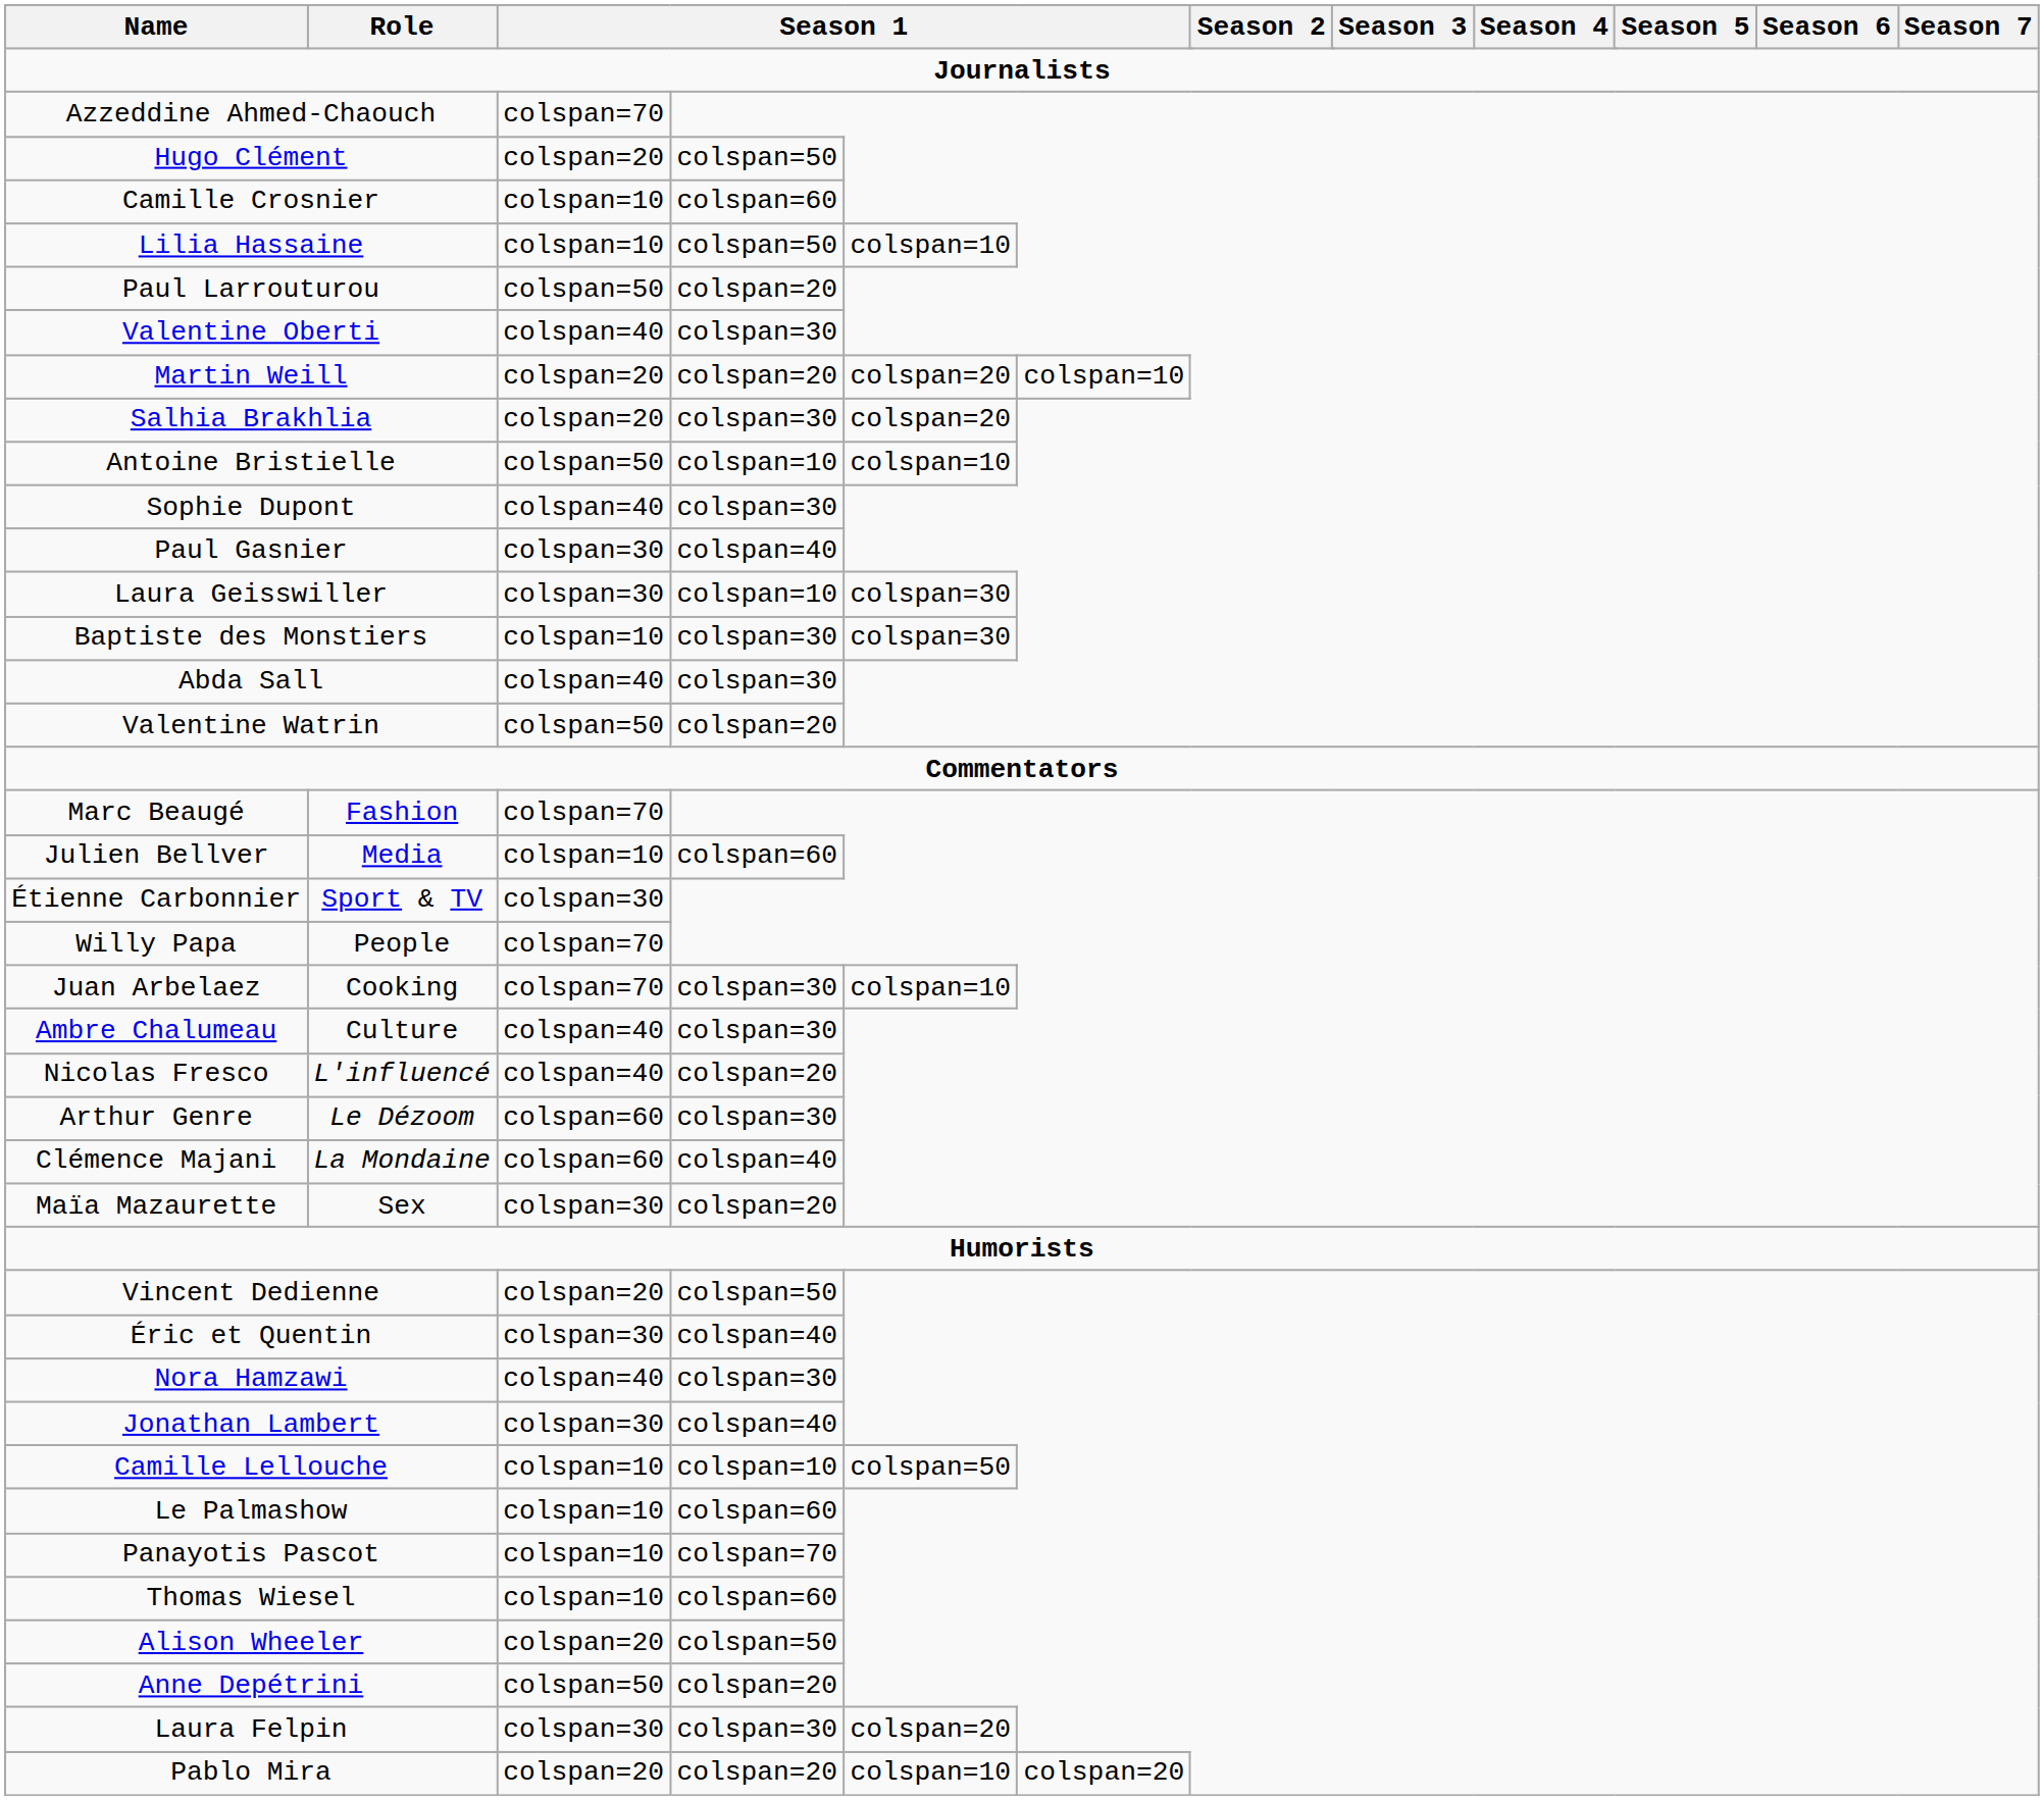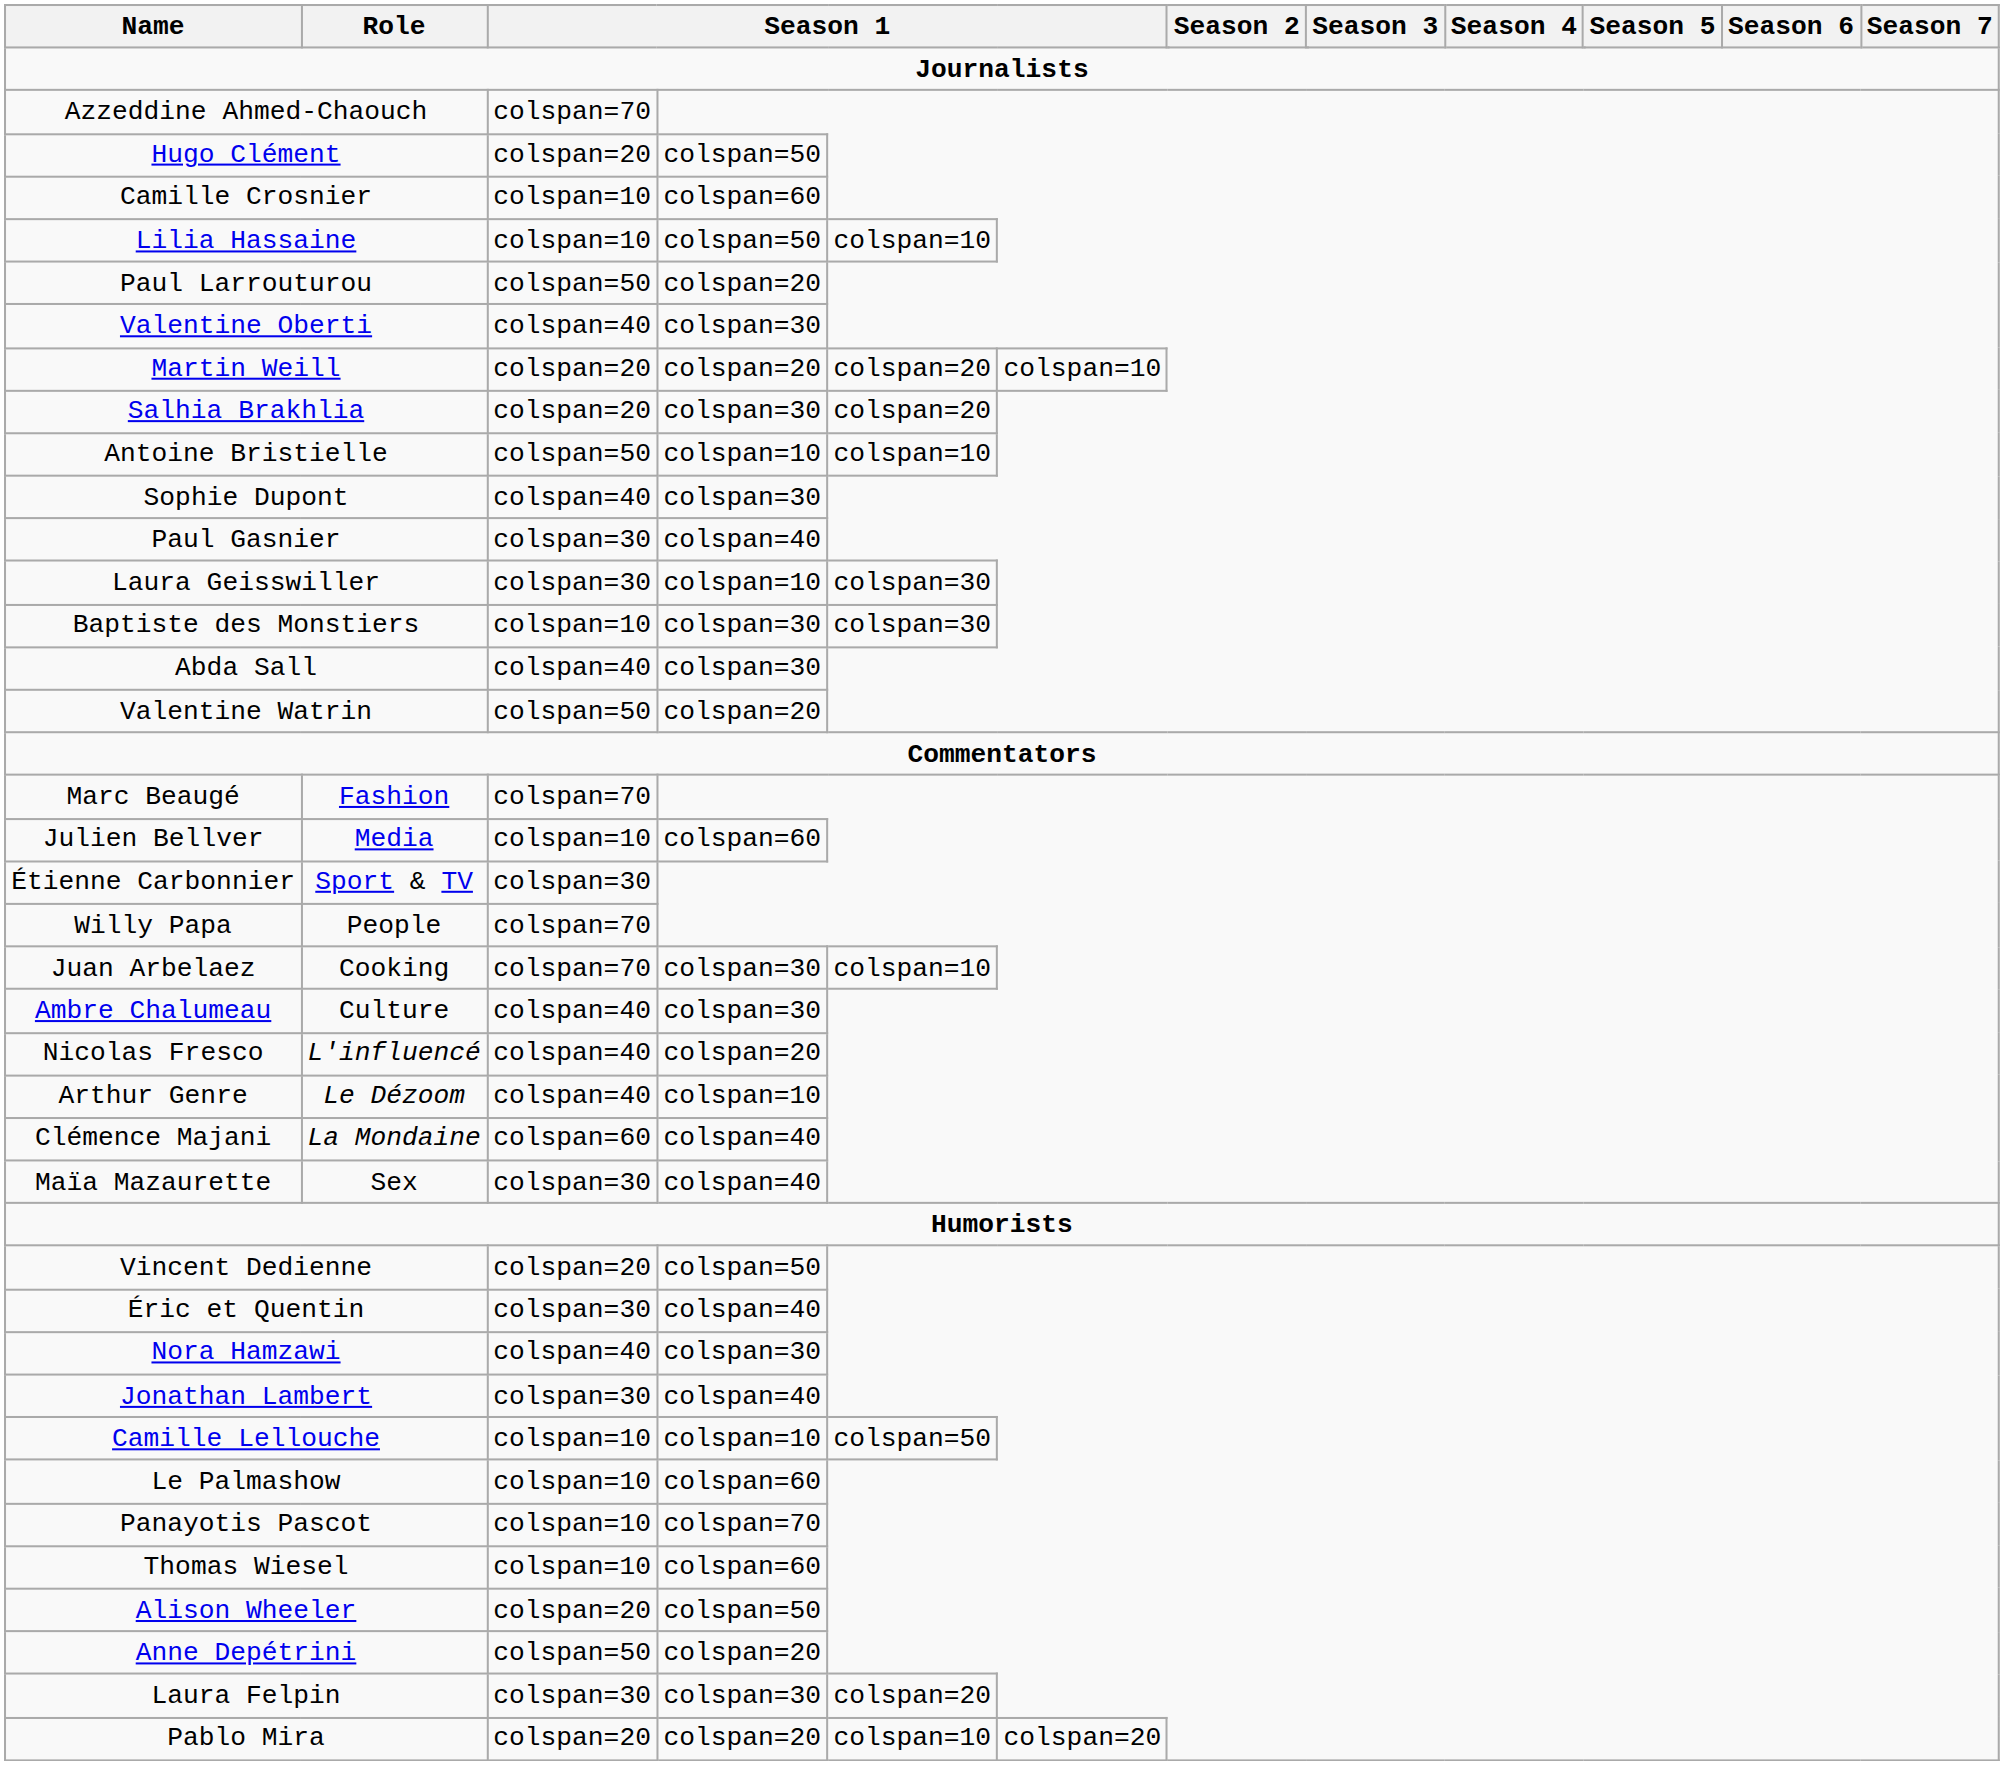 <table class="wikitable" style="text-align:center;">
 <tr>
 <th rowspan="1">Name</th>
 <th>Role</th>
 <th ! colspan="10" style=text-align:center;>Season 1</th>
 <th colspan="10" style="text-align:center;" !>Season 2</th>
 <th colspan="10" style="text-align:center;" !>Season 3</th>
 <th colspan="10" style="text-align:center;" !>Season 4</th>
 <th colspan="10" style="text-align:center;" !>Season 5</th>
 <th colspan="10" style="text-align:center;" !>Season 6</th>
 <th colspan="10" style="text-align:center;" !>Season 7</th>
 </tr>
 <tr>
 <td colspan="80"><strong>Journalists</strong></td>
 </tr>
 <tr>
 <td colspan="2">Azzeddine Ahmed-Chaouch</td>
 <td>colspan=70 </td>
 </tr>
 <tr>
 <td colspan="2"><a href='#'>Hugo Clément</a></td>
 <td>colspan=20 </td>
 <td>colspan=50 </td>
 </tr>
 <tr>
 <td colspan="2">Camille Crosnier</td>
 <td>colspan=10 </td>
 <td>colspan=60 </td>
 </tr>
 <tr>
 <td colspan="2"><a href='#'>Lilia Hassaine</a></td>
 <td>colspan=10 </td>
 <td>colspan=50 </td>
 <td>colspan=10 </td>
 </tr>
 <tr>
 <td colspan="2">Paul Larrouturou</td>
 <td>colspan=50 </td>
 <td>colspan=20 </td>
 </tr>
 <tr>
 <td colspan="2"><a href='#'>Valentine Oberti</a></td>
 <td>colspan=40 </td>
 <td>colspan=30 </td>
 </tr>
 <tr>
 <td colspan="2"><a href='#'>Martin Weill</a></td>
 <td>colspan=20 </td>
 <td>colspan=20 </td>
 <td>colspan=20 </td>
 <td>colspan=10 </td>
 </tr>
 <tr>
 <td colspan="2"><a href='#'>Salhia Brakhlia</a></td>
 <td>colspan=20 </td>
 <td>colspan=30 </td>
 <td>colspan=20 </td>
 </tr>
 <tr>
 <td colspan="2">Antoine Bristielle</td>
 <td>colspan=50 </td>
 <td>colspan=10 </td>
 <td>colspan=10 </td>
 </tr>
 <tr>
 <td colspan="2">Sophie Dupont</td>
 <td>colspan=40 </td>
 <td>colspan=30 </td>
 </tr>
 <tr>
 <td colspan="2">Paul Gasnier</td>
 <td>colspan=30 </td>
 <td>colspan=40 </td>
 </tr>
 <tr>
 <td colspan="2">Laura Geisswiller</td>
 <td>colspan=30 </td>
 <td>colspan=10 </td>
 <td>colspan=30 </td>
 </tr>
 <tr>
 <td colspan="2">Baptiste des Monstiers</td>
 <td>colspan=10 </td>
 <td>colspan=30 </td>
 <td>colspan=30 </td>
 </tr>
 <tr>
 <td colspan="2">Abda Sall</td>
 <td>colspan=40 </td>
 <td>colspan=30 </td>
 </tr>
 <tr>
 <td colspan="2">Valentine Watrin</td>
 <td>colspan=50 </td>
 <td>colspan=20 </td>
 </tr>
 <tr>
 <td colspan="80"><strong>Commentators</strong></td>
 </tr>
 <tr>
 <td>Marc Beaugé</td>
 <td><a href='#'>Fashion</a></td>
 <td>colspan=70 </td>
 </tr>
 <tr>
 <td>Julien Bellver</td>
 <td><a href='#'>Media</a></td>
 <td>colspan=10 </td>
 <td>colspan=60 </td>
 </tr>
 <tr>
 <td>Étienne Carbonnier</td>
 <td><a href='#'>Sport</a> & <a href='#'>TV</a></td>
 <td>colspan=30 </td>
 </tr>
 <tr>
 <td>Willy Papa</td>
 <td>People</td>
 <td>colspan=70 </td>
 </tr>
 <tr>
 <td>Juan Arbelaez</td>
 <td>Cooking</td>
 <td>colspan=70 </td>
 <td>colspan=30 </td>
 <td>colspan=10 </td>
 </tr>
 <tr>
 <td><a href='#'>Ambre Chalumeau</a></td>
 <td>Culture</td>
 <td>colspan=40 </td>
 <td>colspan=30 </td>
 </tr>
 <tr>
 <td>Nicolas Fresco</td>
 <td><em>L'influencé</em></td>
 <td>colspan=40 </td>
 <td>colspan=20 </td>
 </tr>
 <tr>
 <td>Arthur Genre</td>
 <td><em>Le Dézoom</em></td>
-<td>colspan=60 </td>
-<td>colspan=30 </td>
+<td>colspan=40 </td>
+<td>colspan=10 </td>
 </tr>
 <tr>
 <td>Clémence Majani</td>
 <td><em>La Mondaine</em></td>
 <td>colspan=60 </td>
 <td>colspan=40 </td>
 </tr>
 <tr>
 <td>Maïa Mazaurette</td>
 <td>Sex</td>
 <td>colspan=30 </td>
-<td>colspan=20 </td>
+<td>colspan=40 </td>
 </tr>
 <tr>
 <td colspan="80"><strong>Humorists</strong></td>
 </tr>
 <tr>
 <td colspan="2">Vincent Dedienne</td>
 <td>colspan=20 </td>
 <td>colspan=50 </td>
 </tr>
 <tr>
 <td colspan="2">Éric et Quentin</td>
 <td>colspan=30 </td>
 <td>colspan=40 </td>
 </tr>
 <tr>
 <td colspan="2"><a href='#'>Nora Hamzawi</a></td>
 <td>colspan=40 </td>
 <td>colspan=30 </td>
 </tr>
 <tr>
 <td colspan="2"><a href='#'>Jonathan Lambert</a></td>
 <td>colspan=30 </td>
 <td>colspan=40 </td>
 </tr>
 <tr>
 <td colspan="2"><a href='#'>Camille Lellouche</a></td>
 <td>colspan=10 </td>
 <td>colspan=10 </td>
 <td>colspan=50 </td>
 </tr>
 <tr>
 <td colspan="2">Le Palmashow</td>
 <td>colspan=10 </td>
 <td>colspan=60 </td>
 </tr>
 <tr>
 <td colspan="2">Panayotis Pascot</td>
 <td>colspan=10 </td>
 <td>colspan=70 </td>
 </tr>
 <tr>
 <td colspan="2">Thomas Wiesel</td>
 <td>colspan=10 </td>
 <td>colspan=60 </td>
 </tr>
 <tr>
 <td colspan="2"><a href='#'>Alison Wheeler</a></td>
 <td>colspan=20 </td>
 <td>colspan=50 </td>
 </tr>
 <tr>
 <td colspan="2"><a href='#'>Anne Depétrini</a></td>
 <td>colspan=50 </td>
 <td>colspan=20 </td>
 </tr>
 <tr>
 <td colspan="2">Laura Felpin</td>
 <td>colspan=30 </td>
 <td>colspan=30 </td>
 <td>colspan=20 </td>
 </tr>
 <tr>
 <td colspan="2">Pablo Mira</td>
 <td>colspan=20 </td>
 <td>colspan=20 </td>
 <td>colspan=10 </td>
 <td>colspan=20 </td>
 </tr>
 </table>
